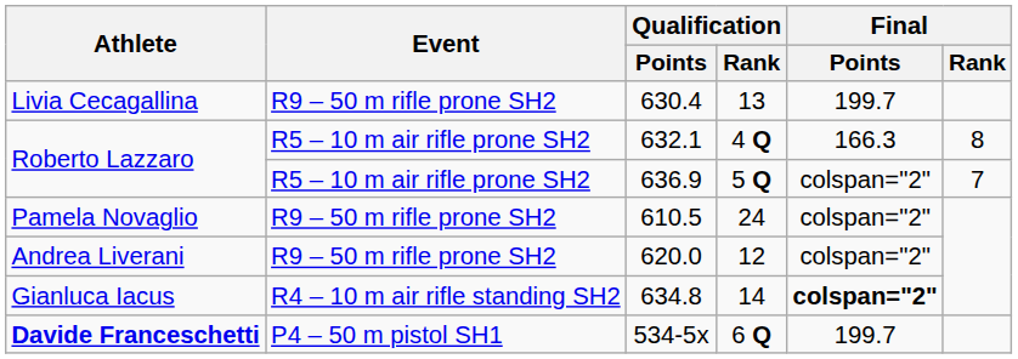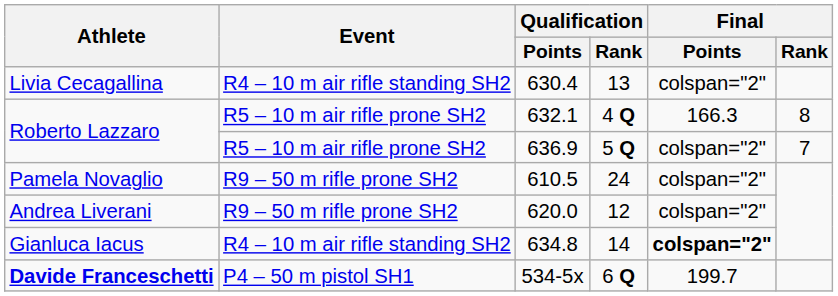 <table class="wikitable" style="font-size:90%">
 <tr>
 <th rowspan="2">Athlete</th>
 <th rowspan="2">Event</th>
 <th colspan="2">Qualification</th>
 <th colspan="2">Final</th>
 </tr>
 <tr style="font-size:95%">
 <th>Points</th>
 <th>Rank</th>
 <th>Points</th>
 <th>Rank</th>
 </tr>
 <tr align=center>
 <td align=left><a href='#'>Livia Cecagallina</a></td>
-<td align=left><a href='#'>R9 – 50 m rifle prone SH2</a></td>
+<td align=left><a href='#'>R4 – 10 m air rifle standing SH2</a></td>
 <td>630.4</td>
 <td>13</td>
-<td>199.7</td>
+<td>colspan="2" </td>
 </tr>
 <tr align=center>
 <td align=left rowspan=2><a href='#'>Roberto Lazzaro</a></td>
 <td align=left><a href='#'>R5 – 10 m air rifle prone SH2</a></td>
 <td>632.1</td>
 <td>4 <strong>Q</strong></td>
 <td>166.3</td>
 <td>8</td>
 </tr>
 <tr align=center>
 <td align=left><a href='#'>R5 – 10 m air rifle prone SH2</a></td>
 <td>636.9</td>
 <td>5 <strong>Q</strong></td>
 <td>colspan="2" </td>
 <td>7</td>
 </tr>
 <tr align=center>
 <td align=left><a href='#'>Pamela Novaglio</a></td>
 <td align=left><a href='#'>R9 – 50 m rifle prone SH2</a></td>
 <td>610.5</td>
 <td>24</td>
 <td>colspan="2" </td>
 </tr>
 <tr align=center>
 <td align=left><a href='#'>Andrea Liverani</a></td>
 <td align=left><a href='#'>R9 – 50 m rifle prone SH2</a></td>
 <td>620.0</td>
 <td>12</td>
 <td>colspan="2" </td>
 </tr>
 <tr align=center>
 <td align=left><a href='#'>Gianluca Iacus</a></td>
 <td align=left><a href='#'>R4 – 10 m air rifle standing SH2</a></td>
 <td>634.8</td>
 <td>14</td>
 <td><strong>colspan="2" </strong></td>
 </tr>
 <tr align=center>
 <td align=left><strong><a href='#'>Davide Franceschetti</a></strong></td>
 <td align=left><a href='#'>P4 – 50 m pistol SH1</a></td>
 <td>534-5x</td>
 <td>6 <strong>Q</strong></td>
 <td>199.7</td>
 <td></td>
 </tr>
 </table>
